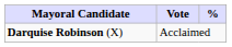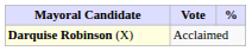 <table class="wikitable">
 <tr>
 <th style="background:#ddf; width:200px;">Mayoral Candidate</th>
 <th style="background:#ddf; width:50px;">Vote</th>
 <th style="background:#ddf; width:30px;">%</th>
 </tr>
 <tr>
-<td><strong>Darquise Robinson</strong> (X)</td>
+<td style="background: lightyellow;"><strong>Darquise Robinson</strong> (X)</td>
 <td colspan="2">Acclaimed</td>
 </tr>
 </table>
